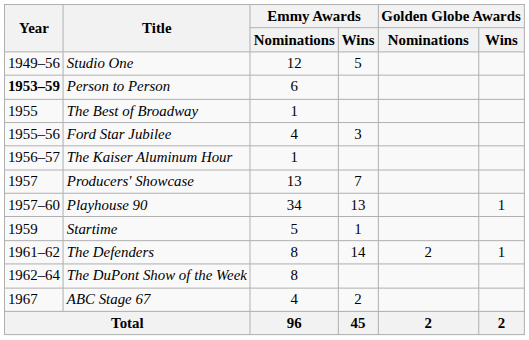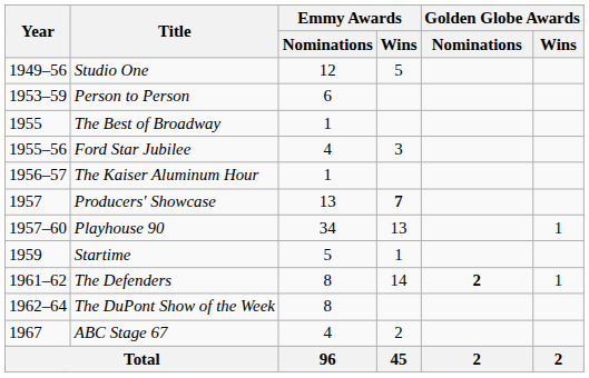 <table class="wikitable">
 <tr>
 <th rowspan="2">Year</th>
 <th rowspan="2">Title</th>
 <th colspan="2" style="text-align:center;">Emmy Awards</th>
 <th colspan="2" style="text-align:center;">Golden Globe Awards</th>
 </tr>
 <tr>
 <th>Nominations</th>
 <th>Wins</th>
 <th>Nominations</th>
 <th>Wins</th>
 </tr>
 <tr>
 <td>1949–56</td>
 <td><em>Studio One</em></td>
 <td align=center>12</td>
 <td align=center>5</td>
 <td></td>
 <td></td>
 </tr>
 <tr>
-<td><strong>1953–59</strong></td>
+<td>1953–59</td>
 <td><em>Person to Person</em></td>
 <td align=center>6</td>
 <td></td>
 <td></td>
 <td></td>
 </tr>
 <tr>
 <td>1955</td>
 <td><em>The Best of Broadway</em></td>
 <td align=center>1</td>
 <td></td>
 <td></td>
 <td></td>
 </tr>
 <tr>
 <td>1955–56</td>
 <td><em>Ford Star Jubilee</em></td>
 <td align=center>4</td>
 <td align=center>3</td>
 <td></td>
 <td></td>
 </tr>
 <tr>
 <td>1956–57</td>
 <td><em>The Kaiser Aluminum Hour</em></td>
 <td align=center>1</td>
 <td></td>
 <td></td>
 <td></td>
 </tr>
 <tr>
 <td>1957</td>
 <td><em>Producers' Showcase</em></td>
 <td align=center>13</td>
-<td align=center>7</td>
+<td align=center><strong>7</strong></td>
 <td></td>
 <td></td>
 </tr>
 <tr>
 <td>1957–60</td>
 <td><em>Playhouse 90</em></td>
 <td align=center>34</td>
 <td align=center>13</td>
 <td></td>
 <td align=center>1</td>
 </tr>
 <tr>
 <td>1959</td>
 <td><em>Startime</em></td>
 <td align=center>5</td>
 <td align=center>1</td>
 <td></td>
 <td></td>
 </tr>
 <tr>
 <td>1961–62</td>
 <td><em>The Defenders</em></td>
 <td align=center>8</td>
 <td align=center>14</td>
-<td align=center>2</td>
+<td align=center><strong>2</strong></td>
 <td align=center>1</td>
 </tr>
 <tr>
 <td>1962–64</td>
 <td><em>The DuPont Show of the Week</em></td>
 <td align=center>8</td>
 <td></td>
 <td></td>
 <td></td>
 </tr>
 <tr>
 <td>1967</td>
 <td><em>ABC Stage 67</em></td>
 <td align=center>4</td>
 <td align=center>2</td>
 <td></td>
 <td></td>
 </tr>
 <tr>
 <th colspan="2">Total</th>
 <th align=center>96</th>
 <th align=center>45</th>
 <th align=center>2</th>
 <th align=center>2</th>
 </tr>
 </table>
